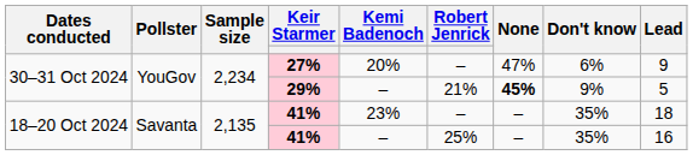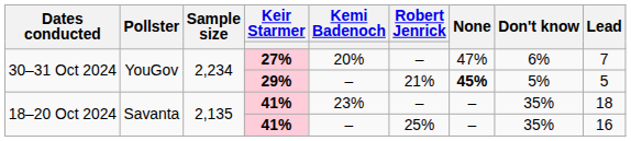 <table class="wikitable mw-datatable" style="text-align:center; font-size:90%; line-height:14px;">
 <tr>
 <th rowspan="2">Dates<br>conducted</th>
 <th rowspan="2">Pollster</th>
 <th rowspan="2" data-sort-type="number">Sample<br>size</th>
 <th class="unsortable" style="width:50px;"><a href='#'>Keir Starmer</a></th>
 <th class="unsortable" style="width:50px;"><a href='#'>Kemi Badenoch</a></th>
 <th class="unsortable" style="width:50px;"><a href='#'>Robert Jenrick</a></th>
 <th rowspan="2" data-sort-type="number">None</th>
 <th rowspan="2">Don't know</th>
 <th rowspan="2" data-sort-type="number">Lead</th>
 </tr>
 <tr>
 <th data-sort-type="number" style="background:"></th>
 <th data-sort-type="number" style="background:"></th>
 <th data-sort-type="number" style="background:"></th>
 </tr>
 <tr>
 <td rowspan="2" data-sort-value="2024-10-31">30–31 Oct 2024</td>
 <td rowspan="2">YouGov</td>
 <td rowspan="2">2,234</td>
 <td style="background:#ffccd9; color:black;"><strong>27%</strong></td>
 <td>20%</td>
 <td>–</td>
 <td>47%</td>
 <td>6%</td>
-<td style="background:">9</td>
+<td style="background:">7</td>
 </tr>
 <tr>
 <td style="background:#ffccd9; color:black;"><strong>29%</strong></td>
 <td>–</td>
 <td>21%</td>
 <td><strong>45%</strong></td>
-<td>9%</td>
+<td>5%</td>
 <td style="background:">5</td>
 </tr>
 <tr>
 <td rowspan="2" data-sort-value="2024-10-20">18–20 Oct 2024</td>
 <td rowspan="2">Savanta</td>
 <td rowspan="2">2,135</td>
 <td style="background:#ffccd9; color:black;"><strong>41%</strong></td>
 <td>23%</td>
 <td>–</td>
 <td>–</td>
 <td>35%</td>
 <td style="background:">18</td>
 </tr>
 <tr>
 <td style="background:#ffccd9; color:black;"><strong>41%</strong></td>
 <td>–</td>
 <td>25%</td>
 <td>–</td>
 <td>35%</td>
 <td style="background:">16</td>
 </tr>
 </table>
